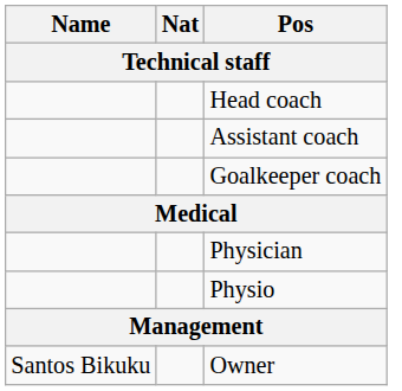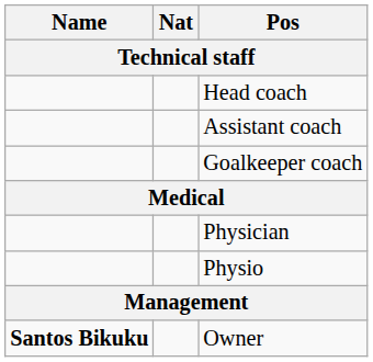 <table class="wikitable ve-ce-branchNode ve-ce-tableNode">
 <tr>
 <th>Name</th>
 <th>Nat</th>
 <th>Pos</th>
 </tr>
 <tr>
 <th colspan="4">Technical staff</th>
 </tr>
 <tr>
 <td></td>
 <td></td>
 <td>Head coach</td>
 </tr>
 <tr>
 <td></td>
 <td></td>
 <td>Assistant coach</td>
 </tr>
 <tr>
 <td></td>
 <td></td>
 <td>Goalkeeper coach</td>
 </tr>
 <tr>
 <th colspan="4">Medical</th>
 </tr>
 <tr>
 <td></td>
 <td></td>
 <td>Physician</td>
 </tr>
 <tr>
 <td></td>
 <td></td>
 <td>Physio</td>
 </tr>
 <tr>
 <th colspan="4">Management</th>
 </tr>
 <tr>
-<td>Santos Bikuku</td>
+<td><strong>Santos Bikuku</strong></td>
 <td></td>
 <td>Owner</td>
 </tr>
 </table>
